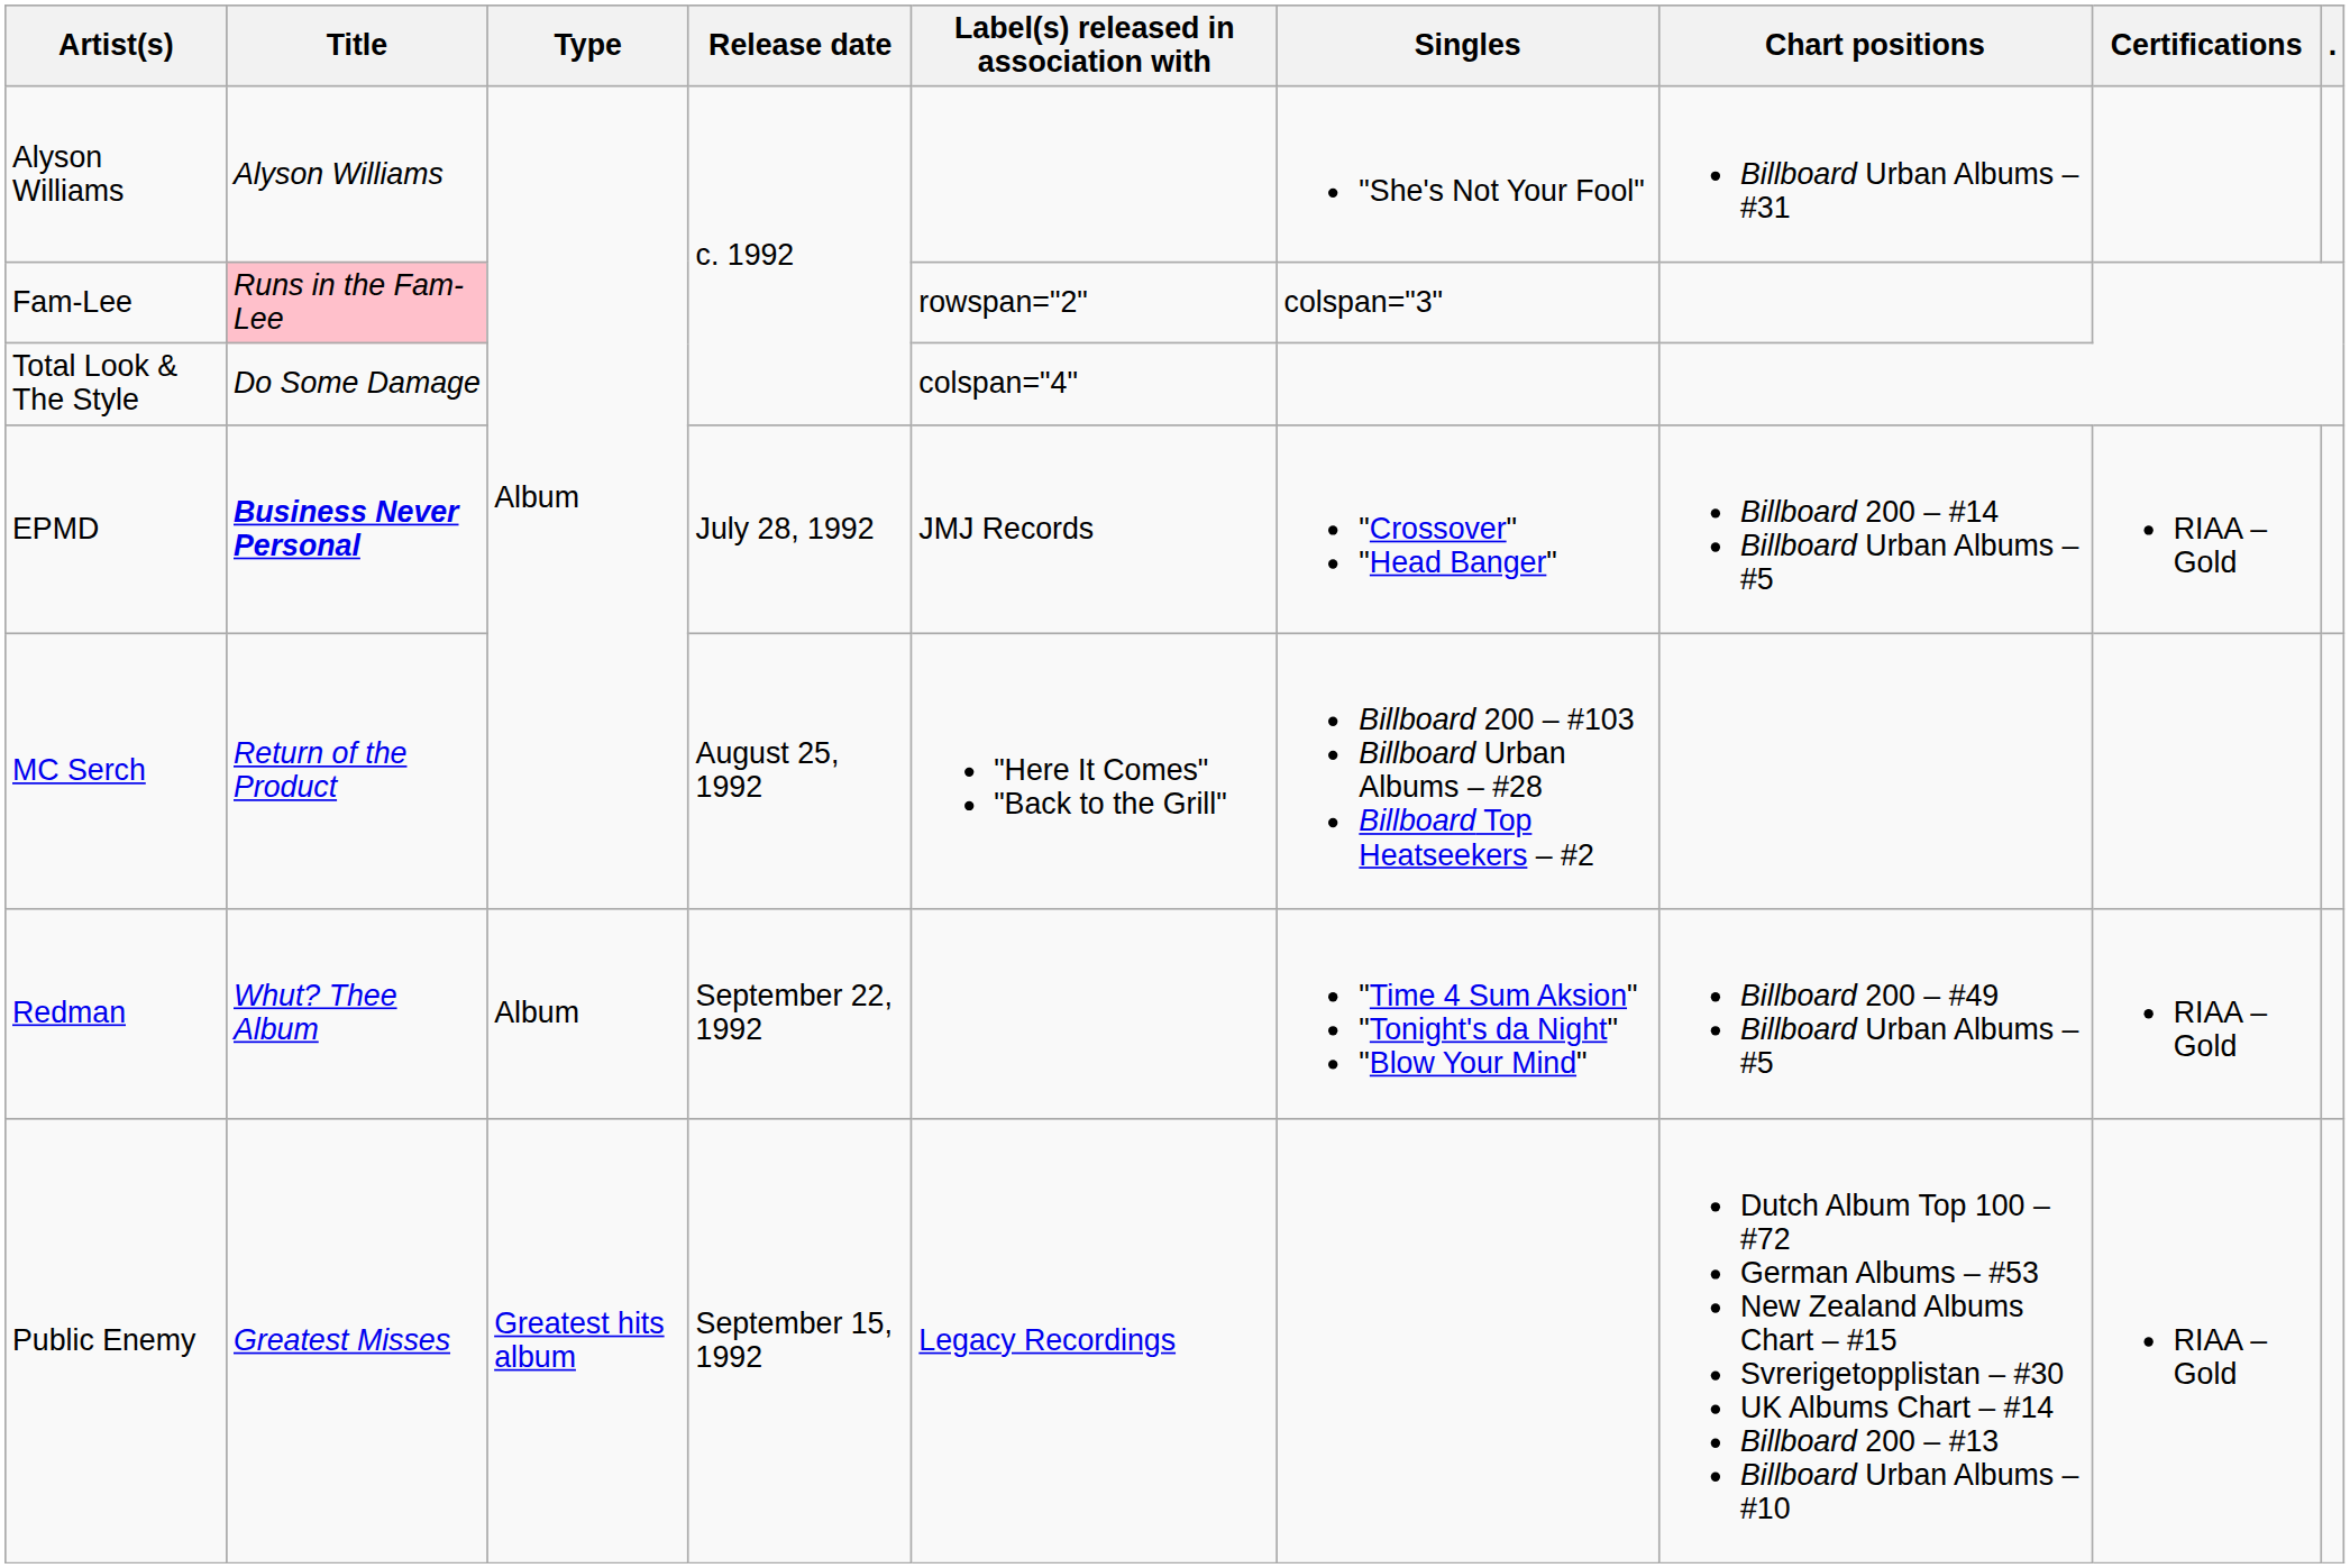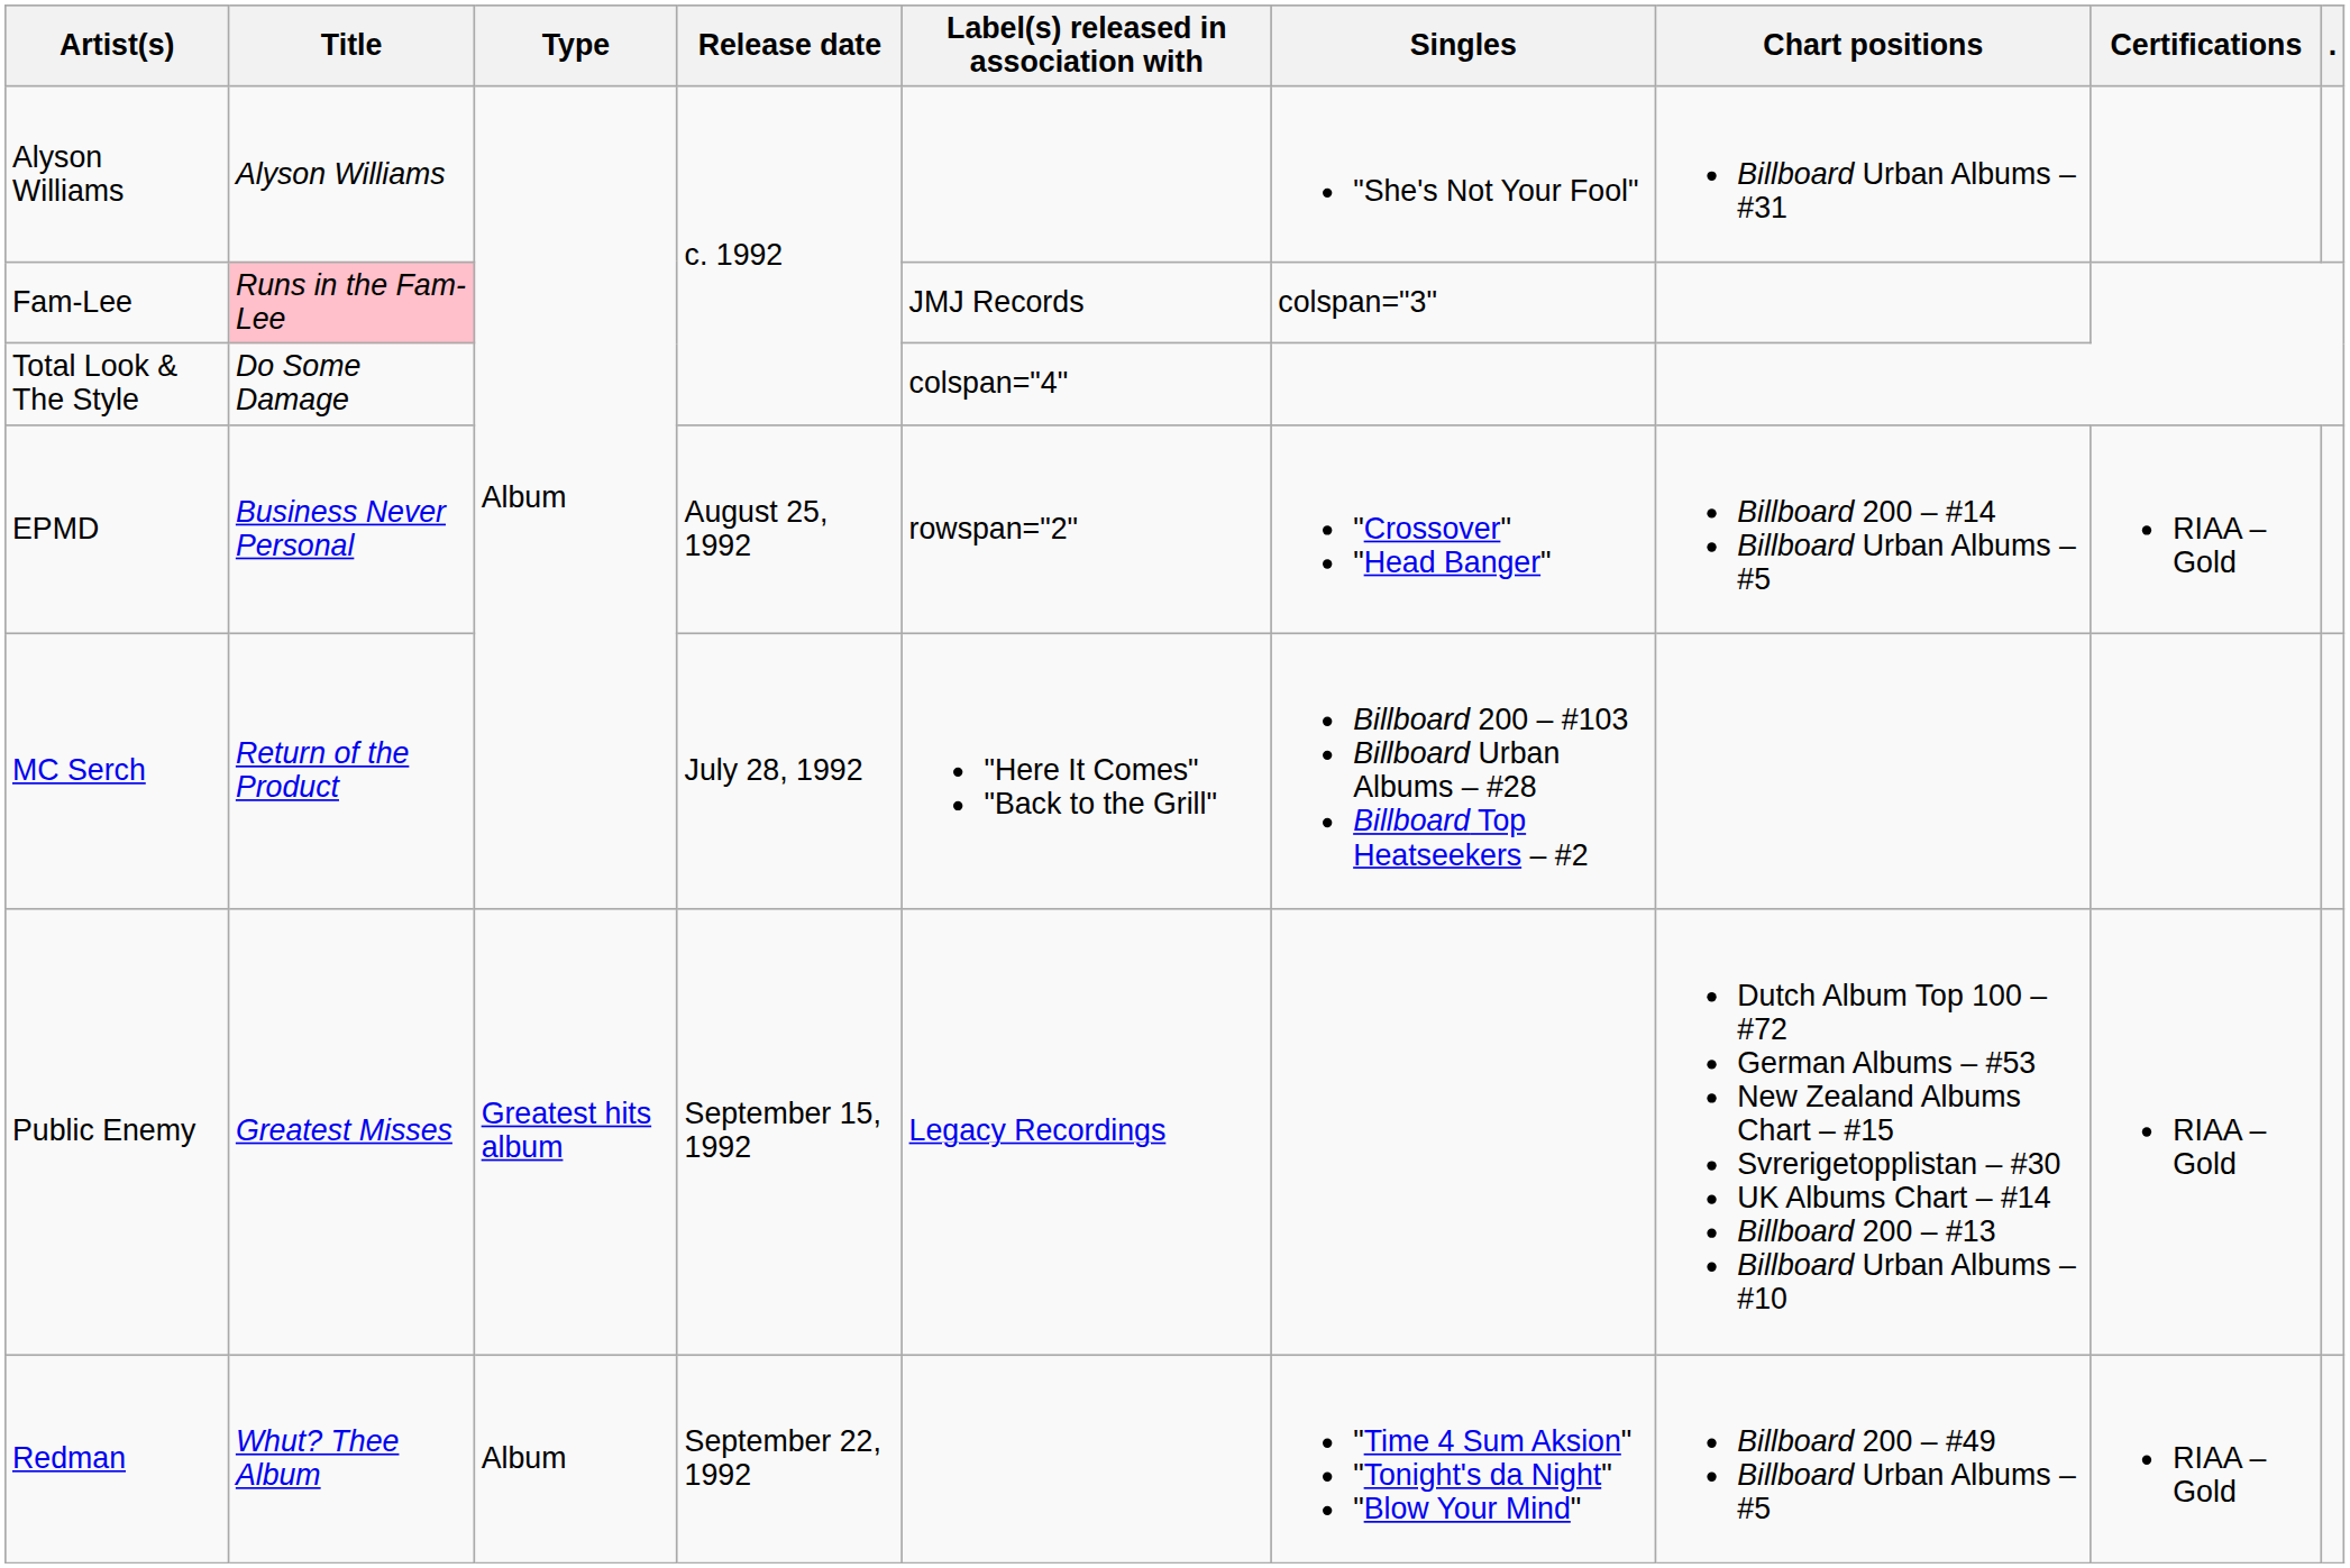 <table class="wikitable">
 <tr>
 <th>Artist(s)</th>
 <th>Title</th>
 <th>Type</th>
 <th>Release date</th>
 <th>Label(s) released in association with</th>
 <th>Singles</th>
 <th>Chart positions</th>
 <th>Certifications</th>
 <th>.</th>
 </tr>
 <tr>
 <td>Alyson Williams</td>
 <td><em>Alyson Williams</em></td>
 <td rowspan="5">Album</td>
 <td rowspan="3">c.  1992</td>
 <td></td>
 <td><br><ul><li>"She's Not Your Fool"</li></ul></td>
 <td><br><ul><li><em>Billboard</em> Urban Albums – #31</li></ul></td>
 <td></td>
 <td></td>
 </tr>
 <tr>
 <td>Fam-Lee</td>
 <td style="background: pink;"><em>Runs in the Fam-Lee</em></td>
-<td>rowspan="2" </td>
+<td>JMJ Records</td>
 <td>colspan="3" </td>
 <td></td>
 </tr>
 <tr>
 <td>Total Look & The Style</td>
 <td><em>Do Some Damage</em></td>
 <td>colspan="4" </td>
 <td></td>
 </tr>
 <tr>
 <td>EPMD</td>
-<td><strong><em><a href='#'>Business Never Personal</a></em></strong></td>
-<td>July 28, 1992</td>
-<td>JMJ Records</td>
+<td><em><a href='#'>Business Never Personal</a></em></td>
+<td>August 25, 1992</td>
+<td>rowspan="2" </td>
 <td><br><ul><li>"<a href='#'>Crossover</a>"</li><li>"<a href='#'>Head Banger</a>"</li></ul></td>
 <td><br><ul><li><em>Billboard</em> 200 – #14</li><li><em>Billboard</em> Urban Albums – #5</li></ul></td>
 <td><br><ul><li>RIAA – Gold</li></ul></td>
 <td></td>
 </tr>
 <tr>
 <td><a href='#'>MC Serch</a></td>
 <td><em><a href='#'>Return of the Product</a></em></td>
-<td>August 25, 1992</td>
+<td>July 28, 1992</td>
 <td><br><ul><li>"Here It Comes"</li><li>"Back to the Grill"</li></ul></td>
 <td><br><ul><li><em>Billboard</em> 200 – #103</li><li><em>Billboard</em> Urban Albums – #28</li><li><a href='#'><em>Billboard</em> Top Heatseekers</a> – #2</li></ul></td>
 <td></td>
+<td></td>
+</tr>
+<tr>
+<td>Public Enemy</td>
+<td><em><a href='#'>Greatest Misses</a></em></td>
+<td><a href='#'>Greatest hits album</a></td>
+<td>September 15, 1992</td>
+<td><a href='#'>Legacy Recordings</a></td>
+<td></td>
+<td><br><ul><li>Dutch Album Top 100 – #72</li><li>German Albums – #53</li><li>New Zealand Albums Chart – #15</li><li>Svrerigetopplistan – #30</li><li>UK Albums Chart – #14</li><li><em>Billboard</em> 200 – #13</li><li><em>Billboard</em> Urban Albums – #10</li></ul></td>
+<td><br><ul><li>RIAA – Gold</li></ul></td>
 <td></td>
 </tr>
 <tr>
 <td><a href='#'>Redman</a></td>
 <td><em><a href='#'>Whut? Thee Album</a></em></td>
 <td>Album</td>
 <td>September 22, 1992</td>
 <td></td>
 <td><br><ul><li>"<a href='#'>Time 4 Sum Aksion</a>"</li><li>"<a href='#'>Tonight's da Night</a>"</li><li>"<a href='#'>Blow Your Mind</a>"</li></ul></td>
 <td><br><ul><li><em>Billboard</em> 200 – #49</li><li><em>Billboard</em> Urban Albums – #5</li></ul></td>
 <td><br><ul><li>RIAA – Gold</li></ul></td>
 <td></td>
 </tr>
-<tr>
-<td>Public Enemy</td>
-<td><em><a href='#'>Greatest Misses</a></em></td>
-<td><a href='#'>Greatest hits album</a></td>
-<td>September 15, 1992</td>
-<td><a href='#'>Legacy Recordings</a></td>
-<td></td>
-<td><br><ul><li>Dutch Album Top 100 – #72</li><li>German Albums – #53</li><li>New Zealand Albums Chart – #15</li><li>Svrerigetopplistan – #30</li><li>UK Albums Chart – #14</li><li><em>Billboard</em> 200 – #13</li><li><em>Billboard</em> Urban Albums – #10</li></ul></td>
-<td><br><ul><li>RIAA – Gold</li></ul></td>
-<td></td>
-</tr>
 </table>
